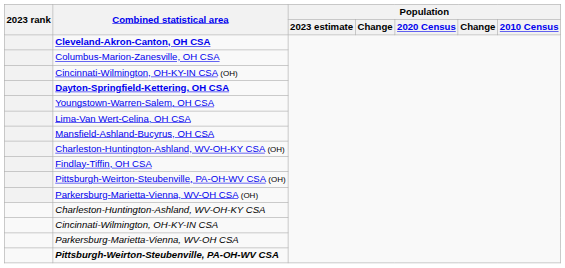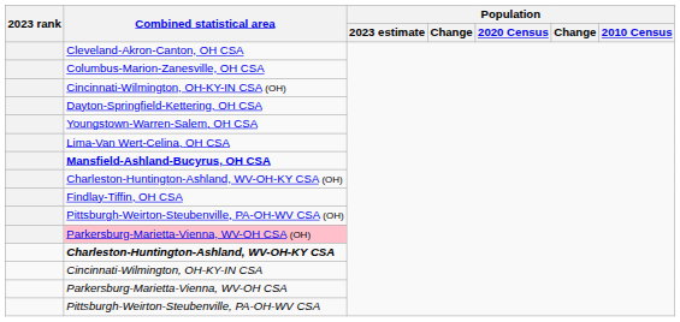 <table class="wikitable sortable">
 <tr>
 <th scope=col rowspan=2>2023 rank</th>
 <th scope=col rowspan=2><a href='#'>Combined statistical area</a></th>
 <th colspan=5>Population</th>
 </tr>
 <tr>
 <th scope=col>2023 estimate</th>
 <th scope=col>Change</th>
 <th scope=col><a href='#'>2020 Census</a></th>
 <th scope=col>Change</th>
 <th scope=col><a href='#'>2010 Census</a></th>
 </tr>
 <tr>
 <th scope=row></th>
-<td><strong><a href='#'>Cleveland-Akron-Canton, OH CSA</a><br></strong></td>
+<td><a href='#'>Cleveland-Akron-Canton, OH CSA</a><br></td>
 </tr>
 <tr>
 <th scope=row></th>
 <td><a href='#'>Columbus-Marion-Zanesville, OH CSA</a><br></td>
 </tr>
 <tr>
 <th scope=row></th>
 <td><a href='#'>Cincinnati-Wilmington, OH-KY-IN CSA</a> <small>(OH)</small><br></td>
 </tr>
 <tr>
 <th scope=row></th>
-<td><strong><a href='#'>Dayton-Springfield-Kettering, OH CSA</a><br></strong></td>
+<td><a href='#'>Dayton-Springfield-Kettering, OH CSA</a><br></td>
 </tr>
 <tr>
 <th scope=row></th>
 <td><a href='#'>Youngstown-Warren-Salem, OH CSA</a><br></td>
 </tr>
 <tr>
 <th scope=row></th>
 <td><a href='#'>Lima-Van Wert-Celina, OH CSA</a><br></td>
 </tr>
 <tr>
 <th scope=row></th>
-<td><a href='#'>Mansfield-Ashland-Bucyrus, OH CSA</a><br></td>
+<td><strong><a href='#'>Mansfield-Ashland-Bucyrus, OH CSA</a><br></strong></td>
 </tr>
 <tr>
 <th scope=row></th>
 <td><a href='#'>Charleston-Huntington-Ashland, WV-OH-KY CSA</a> <small>(OH)</small><br></td>
 </tr>
 <tr>
 <th scope=row></th>
 <td><a href='#'>Findlay-Tiffin, OH CSA</a><br></td>
 </tr>
 <tr>
 <th scope=row></th>
 <td><a href='#'>Pittsburgh-Weirton-Steubenville, PA-OH-WV CSA</a> <small>(OH)</small><br></td>
 </tr>
 <tr>
 <th scope=row></th>
-<td><a href='#'>Parkersburg-Marietta-Vienna, WV-OH CSA</a> <small>(OH)</small><br></td>
+<td style="background: pink;"><a href='#'>Parkersburg-Marietta-Vienna, WV-OH CSA</a> <small>(OH)</small><br></td>
 </tr>
 <tr>
 <td></td>
-<td><em><span>Charleston-Huntington-Ashland, WV-OH-KY CSA</span></em><br></td>
+<td><strong><em><span>Charleston-Huntington-Ashland, WV-OH-KY CSA</span></em><br></strong></td>
 </tr>
 <tr>
 <td></td>
 <td><em><span>Cincinnati-Wilmington, OH-KY-IN CSA</span></em><br></td>
 </tr>
 <tr>
 <td></td>
 <td><em><span>Parkersburg-Marietta-Vienna, WV-OH CSA</span></em><br></td>
 </tr>
 <tr>
 <td></td>
-<td><strong><em><span>Pittsburgh-Weirton-Steubenville, PA-OH-WV CSA</span></em><br></strong></td>
+<td><em><span>Pittsburgh-Weirton-Steubenville, PA-OH-WV CSA</span></em><br></td>
 </tr>
 </table>
